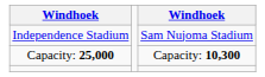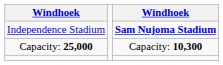 <table class="wikitable" style="margin:1em auto; text-align:center">
 <tr>
 <th><a href='#'>Windhoek</a></th>
 <td rowspan="4"></td>
 <th><a href='#'>Windhoek</a></th>
 </tr>
 <tr>
 <td><a href='#'>Independence Stadium</a></td>
-<td><a href='#'>Sam Nujoma Stadium</a></td>
+<td><strong><a href='#'>Sam Nujoma Stadium</a></strong></td>
 </tr>
 <tr>
 <td>Capacity: <strong>25,000</strong></td>
 <td>Capacity: <strong>10,300</strong></td>
 </tr>
 <tr>
 <td></td>
 <td></td>
 </tr>
 </table>
